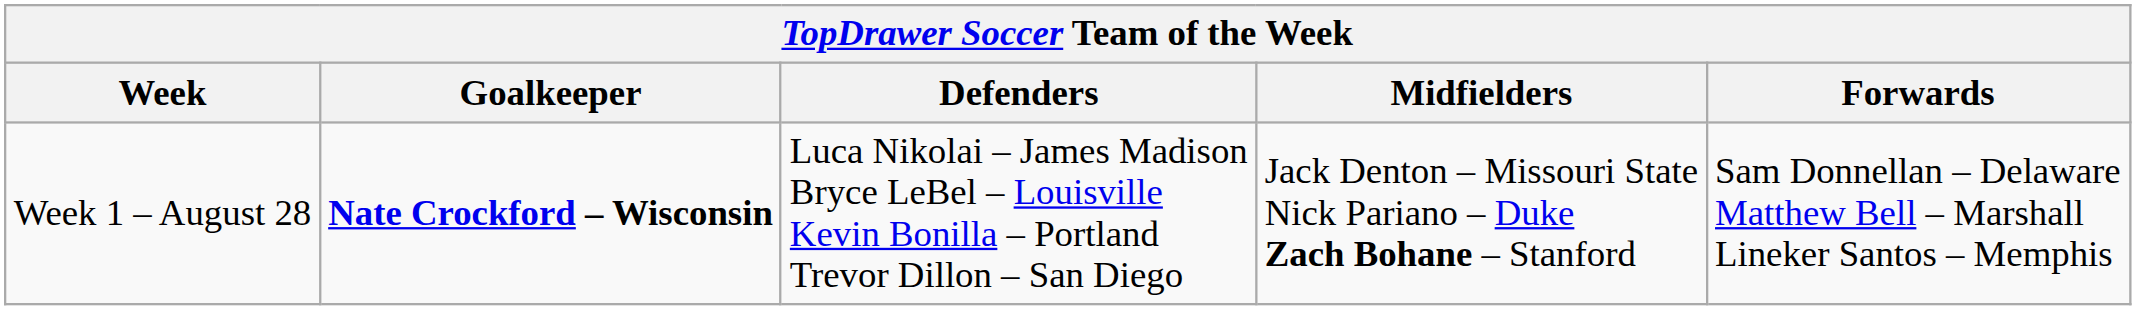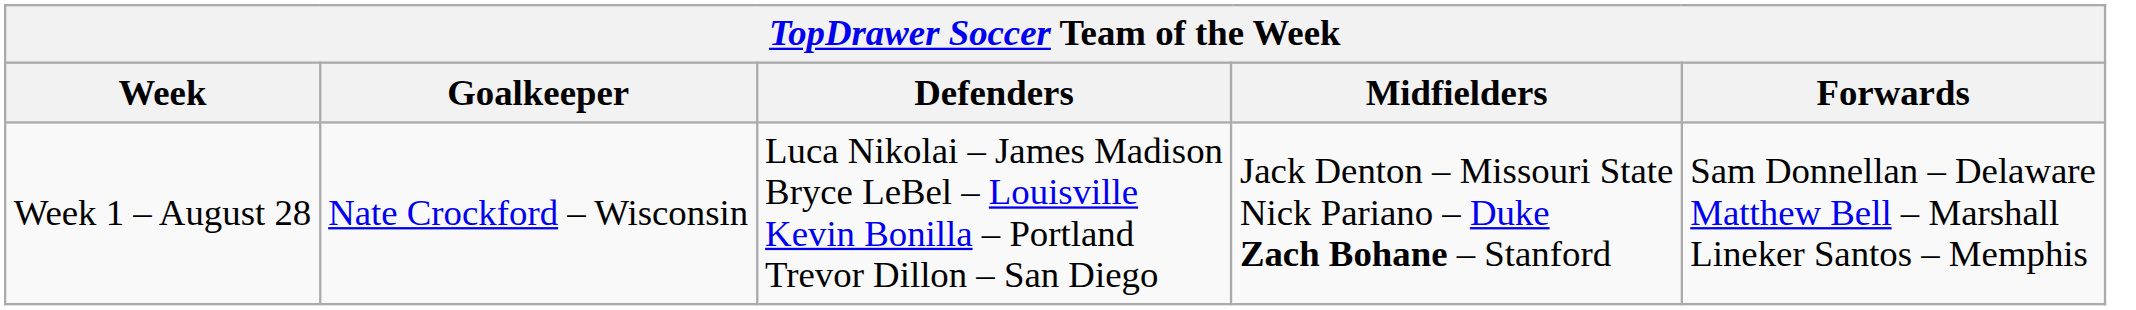 <table class="wikitable collapsible collapsed">
 <tr>
 <th colspan="6"><em><a href='#'>TopDrawer Soccer</a></em> Team of the Week</th>
 </tr>
 <tr>
 <th>Week</th>
 <th>Goalkeeper</th>
 <th>Defenders</th>
 <th>Midfielders</th>
 <th>Forwards</th>
 </tr>
 <tr>
 <td>Week 1 – August 28</td>
-<td><strong><a href='#'>Nate Crockford</a> – Wisconsin</strong></td>
+<td><a href='#'>Nate Crockford</a> – Wisconsin</td>
 <td>Luca Nikolai – James Madison<br>Bryce LeBel – <a href='#'>Louisville</a><br><a href='#'>Kevin Bonilla</a> – Portland<br>Trevor Dillon – San Diego</td>
 <td>Jack Denton – Missouri State<br>Nick Pariano – <a href='#'>Duke</a><br><strong>Zach Bohane</strong> – Stanford</td>
 <td>Sam Donnellan – Delaware<br><a href='#'>Matthew Bell</a> – Marshall<br>Lineker Santos – Memphis</td>
 </tr>
 </table>
